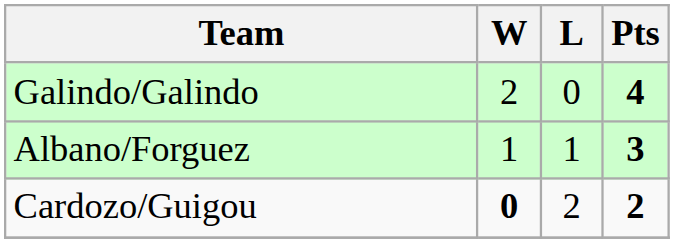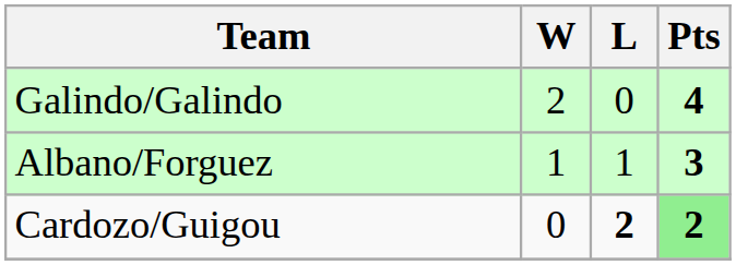 <table class="wikitable" style="text-align:center;">
 <tr>
 <th width=200>Team</th>
 <th width=20>W</th>
 <th width=20>L</th>
 <th width=20>Pts</th>
 </tr>
 <tr bgcolor="#ccffcc">
 <td align="left"> Galindo/Galindo</td>
 <td>2</td>
 <td>0</td>
 <td><strong>4</strong></td>
 </tr>
 <tr bgcolor="#ccffcc">
 <td align="left"> Albano/Forguez</td>
 <td>1</td>
 <td>1</td>
 <td><strong>3</strong></td>
 </tr>
 <tr>
 <td align="left"> Cardozo/Guigou</td>
-<td><strong>0</strong></td>
-<td>2</td>
+<td>0</td>
 <td><strong>2</strong></td>
+<td style="background: lightgreen;"><strong>2</strong></td>
 </tr>
 <tr>
 </tr>
 </table>
